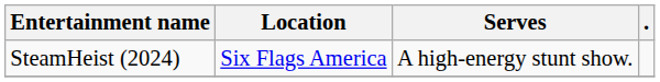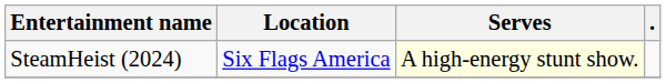 <table class="wikitable sortable">
 <tr>
 <th>Entertainment name</th>
 <th>Location</th>
 <th>Serves</th>
 <th>.</th>
 </tr>
 <tr>
 <td>SteamHeist (2024)</td>
 <td><a href='#'>Six Flags America</a></td>
-<td>A high-energy stunt show.</td>
+<td style="background: lightyellow;">A high-energy stunt show.</td>
 <td></td>
 </tr>
 <tr>
 </tr>
 </table>
